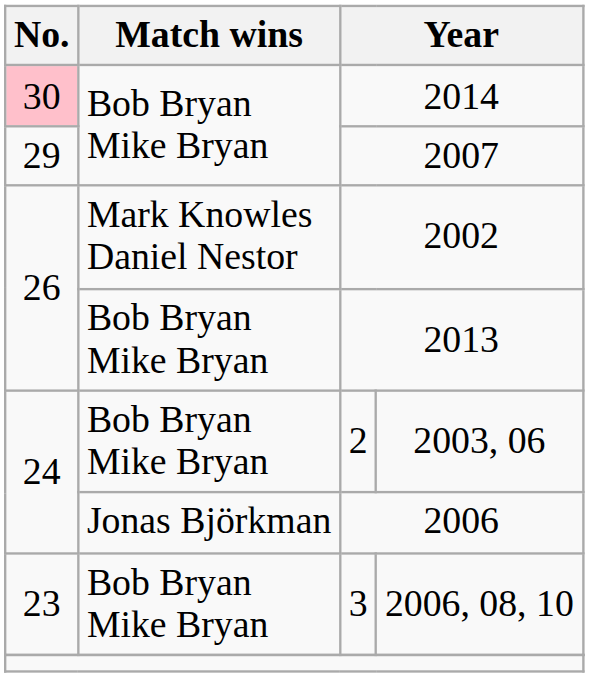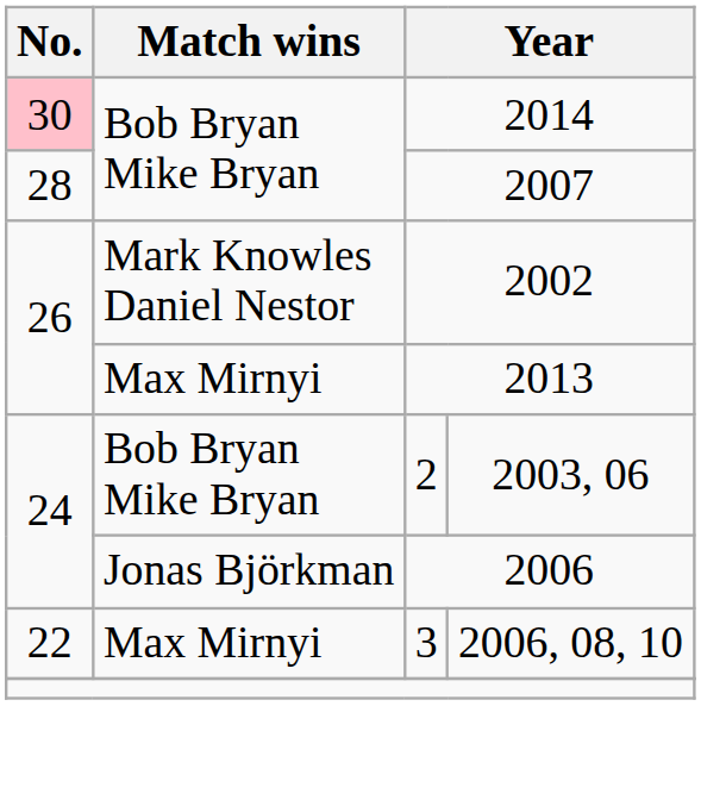 <table class="wikitable nowrap" style="text-align:center; display:inline-table">
 <tr>
 <th scope="col" style="width:20">No.</th>
 <th scope="col">Match wins</th>
 <th scope="col" colspan="2">Year</th>
 </tr>
 <tr>
 <td style="background: pink;">30</td>
 <td rowspan="2" style="text-align: left;"> Bob Bryan<br> Mike Bryan</td>
 <td colspan="2">2014</td>
 </tr>
 <tr>
-<td>29</td>
+<td>28</td>
 <td colspan="2">2007</td>
 </tr>
 <tr>
 <td rowspan="2">26</td>
 <td style="text-align: left;"> Mark Knowles<br> Daniel Nestor</td>
 <td colspan="2">2002</td>
 </tr>
 <tr>
-<td style="text-align: left;"> Bob Bryan<br> Mike Bryan</td>
+<td style="text-align: left;"> Max Mirnyi</td>
 <td colspan="2">2013</td>
 </tr>
 <tr>
 <td rowspan="2">24</td>
 <td style="text-align: left;"> Bob Bryan<br> Mike Bryan</td>
 <td>2</td>
 <td>2003, 06</td>
 </tr>
 <tr>
 <td style="text-align: left;"> Jonas Björkman</td>
 <td colspan="2">2006</td>
 </tr>
 <tr>
-<td>23</td>
-<td style="text-align: left;"> Bob Bryan<br> Mike Bryan</td>
+<td>22</td>
+<td style="text-align: left;"> Max Mirnyi</td>
 <td>3</td>
 <td>2006, 08, 10</td>
 </tr>
 <tr>
 </tr>
 <tr>
 <td colspan="4"></td>
 </tr>
 </table>
